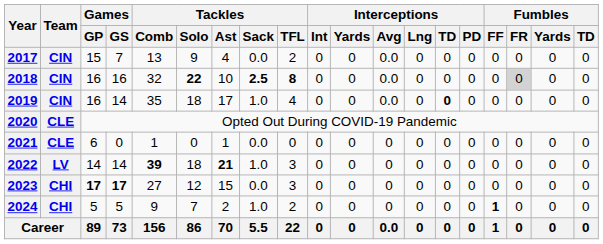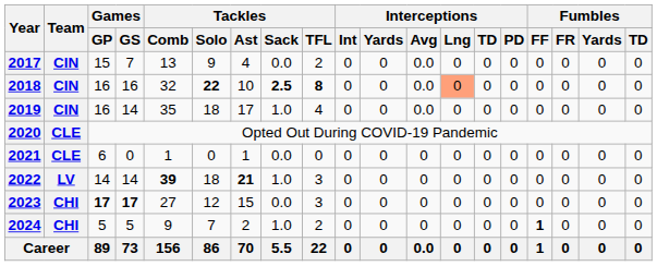 <table class="wikitable" style="text-align:center">
 <tr>
 <th rowspan="2">Year</th>
 <th rowspan="2">Team</th>
 <th colspan="2">Games</th>
 <th colspan="5">Tackles</th>
 <th colspan="6">Interceptions</th>
 <th colspan="4">Fumbles</th>
 </tr>
 <tr>
 <th>GP</th>
 <th>GS</th>
 <th>Comb</th>
 <th>Solo</th>
 <th>Ast</th>
 <th>Sack</th>
 <th>TFL</th>
 <th>Int</th>
 <th>Yards</th>
 <th>Avg</th>
 <th>Lng</th>
 <th>TD</th>
 <th>PD</th>
 <th>FF</th>
 <th>FR</th>
 <th>Yards</th>
 <th>TD</th>
 </tr>
 <tr>
 <th><a href='#'>2017</a></th>
 <th><a href='#'>CIN</a></th>
 <td>15</td>
 <td>7</td>
 <td>13</td>
 <td>9</td>
 <td>4</td>
 <td>0.0</td>
 <td>2</td>
 <td>0</td>
 <td>0</td>
 <td>0.0</td>
 <td>0</td>
 <td>0</td>
 <td>0</td>
 <td>0</td>
 <td>0</td>
 <td>0</td>
 <td>0</td>
 </tr>
 <tr>
 <th><a href='#'>2018</a></th>
 <th><a href='#'>CIN</a></th>
 <td>16</td>
 <td>16</td>
 <td>32</td>
 <td><strong>22</strong></td>
 <td>10</td>
 <td><strong>2.5</strong></td>
 <td><strong>8</strong></td>
 <td>0</td>
 <td>0</td>
 <td>0.0</td>
+<td style="background: lightsalmon;">0</td>
 <td>0</td>
 <td>0</td>
 <td>0</td>
 <td>0</td>
-<td style="background: lightgrey;">0</td>
 <td>0</td>
 <td>0</td>
 </tr>
 <tr>
 <th><a href='#'>2019</a></th>
 <th><a href='#'>CIN</a></th>
 <td>16</td>
 <td>14</td>
 <td>35</td>
 <td>18</td>
 <td>17</td>
 <td>1.0</td>
 <td>4</td>
 <td>0</td>
 <td>0</td>
 <td>0.0</td>
 <td>0</td>
-<td><strong>0</strong></td>
+<td>0</td>
 <td>0</td>
 <td>0</td>
 <td>0</td>
 <td>0</td>
 <td>0</td>
 </tr>
 <tr>
 <th><a href='#'>2020</a></th>
 <th><a href='#'>CLE</a></th>
 <td colspan="17">Opted Out During COVID-19 Pandemic</td>
 </tr>
 <tr>
 <th><a href='#'>2021</a></th>
 <th><a href='#'>CLE</a></th>
 <td>6</td>
 <td>0</td>
 <td>1</td>
 <td>0</td>
 <td>1</td>
 <td>0.0</td>
 <td>0</td>
 <td>0</td>
 <td>0</td>
 <td>0</td>
 <td>0</td>
 <td>0</td>
 <td>0</td>
 <td>0</td>
 <td>0</td>
 <td>0</td>
 <td>0</td>
 </tr>
 <tr>
 <th><a href='#'>2022</a></th>
 <th><a href='#'>LV</a></th>
 <td>14</td>
 <td>14</td>
 <td><strong>39</strong></td>
 <td>18</td>
 <td><strong>21</strong></td>
 <td>1.0</td>
 <td>3</td>
 <td>0</td>
 <td>0</td>
 <td>0</td>
 <td>0</td>
 <td>0</td>
 <td>0</td>
 <td>0</td>
 <td>0</td>
 <td>0</td>
 <td>0</td>
 </tr>
 <tr>
 <th><a href='#'>2023</a></th>
 <th><a href='#'>CHI</a></th>
 <td><strong>17</strong></td>
 <td><strong>17</strong></td>
 <td>27</td>
 <td>12</td>
 <td>15</td>
 <td>0.0</td>
 <td>3</td>
 <td>0</td>
 <td>0</td>
 <td>0</td>
 <td>0</td>
 <td>0</td>
 <td>0</td>
 <td>0</td>
 <td>0</td>
 <td>0</td>
 <td>0</td>
 </tr>
 <tr>
 <th><a href='#'>2024</a></th>
 <th><a href='#'>CHI</a></th>
 <td>5</td>
 <td>5</td>
 <td>9</td>
 <td>7</td>
 <td>2</td>
 <td>1.0</td>
 <td>2</td>
 <td>0</td>
 <td>0</td>
 <td>0</td>
 <td>0</td>
 <td>0</td>
 <td>0</td>
 <td><strong>1</strong></td>
 <td>0</td>
 <td>0</td>
 <td>0</td>
 </tr>
 <tr>
 <th colspan="2">Career</th>
 <th>89</th>
 <th>73</th>
 <th>156</th>
 <th>86</th>
 <th>70</th>
 <th>5.5</th>
 <th>22</th>
 <th>0</th>
 <th>0</th>
 <th>0.0</th>
 <th>0</th>
 <th>0</th>
 <th>0</th>
 <th>1</th>
 <th>0</th>
 <th>0</th>
 <th>0</th>
 </tr>
 </table>
